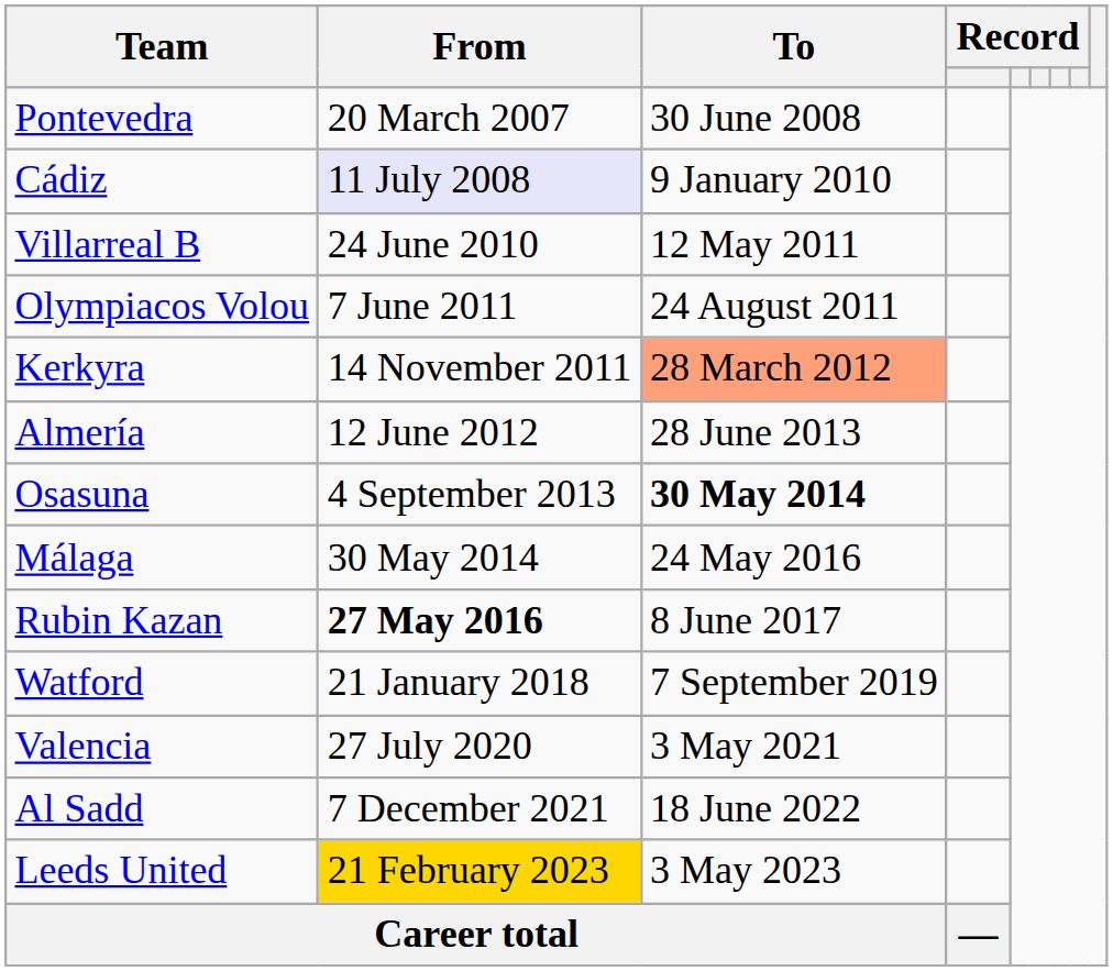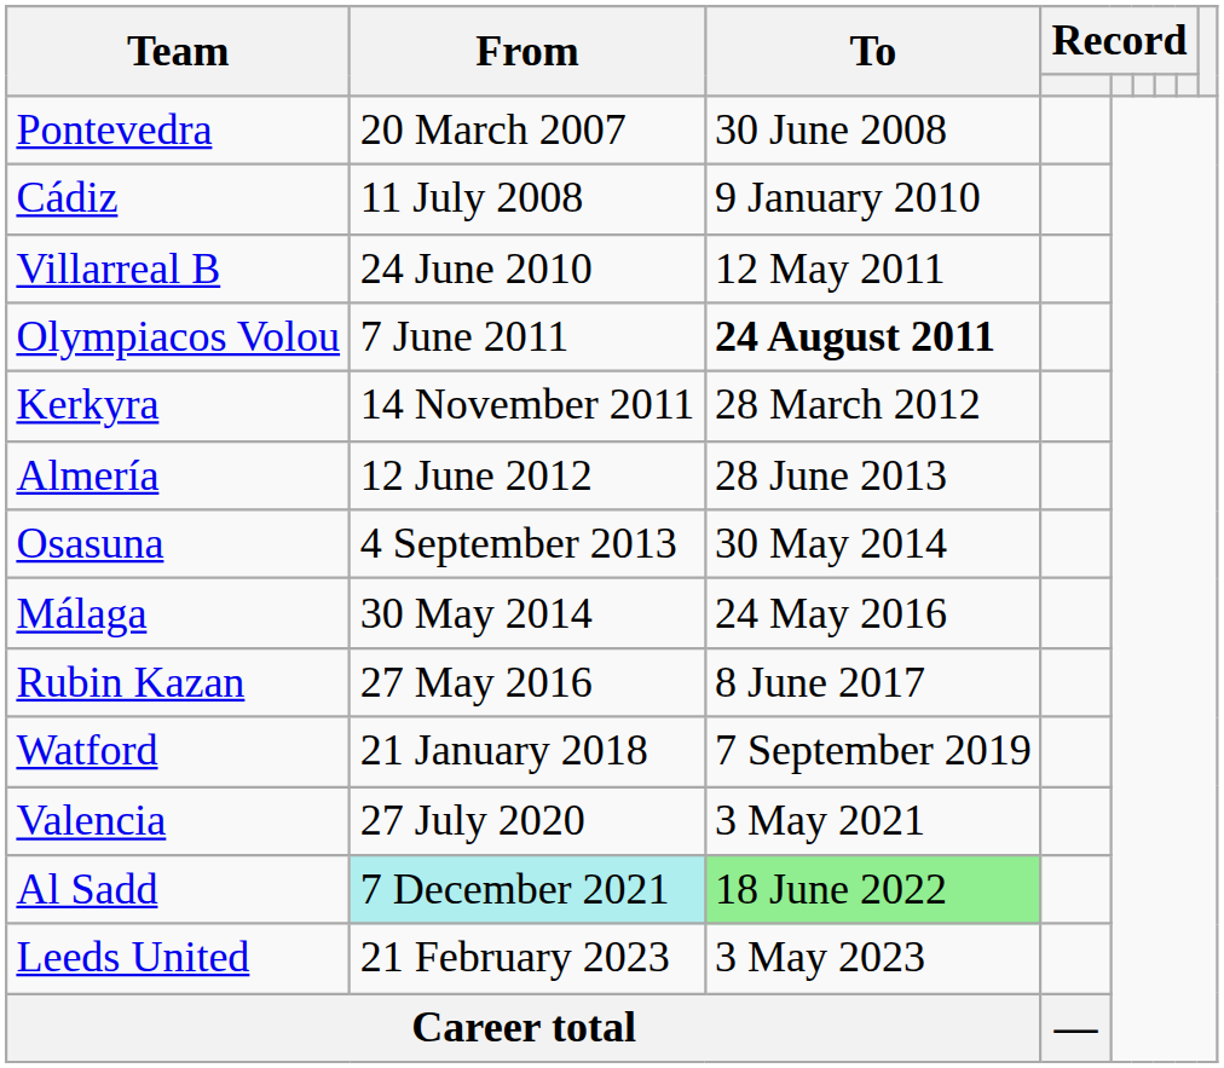 <table class=wikitable style="text-align: center">
 <tr>
 <th rowspan=2>Team</th>
 <th rowspan=2>From</th>
 <th rowspan=2>To</th>
 <th colspan=5>Record</th>
 <th rowspan=2></th>
 </tr>
 <tr>
 <th></th>
 <th></th>
 <th></th>
 <th></th>
 <th></th>
 </tr>
 <tr>
 <td align=left><a href='#'>Pontevedra</a></td>
 <td align=left>20 March 2007</td>
 <td align=left>30 June 2008<br></td>
 <td></td>
 </tr>
 <tr>
 <td align=left><a href='#'>Cádiz</a></td>
-<td align=left style="background: lavender;">11 July 2008</td>
+<td align=left>11 July 2008</td>
 <td align=left>9 January 2010<br></td>
 <td></td>
 </tr>
 <tr>
 <td align=left><a href='#'>Villarreal B</a></td>
 <td align=left>24 June 2010</td>
 <td align=left>12 May 2011<br></td>
 <td></td>
 </tr>
 <tr>
 <td align=left><a href='#'>Olympiacos Volou</a></td>
 <td align=left>7 June 2011</td>
-<td align=left>24 August 2011<br></td>
+<td align=left><strong>24 August 2011<br></strong></td>
 <td></td>
 </tr>
 <tr>
 <td align=left><a href='#'>Kerkyra</a></td>
 <td align=left>14 November 2011</td>
-<td align=left style="background: lightsalmon;">28 March 2012<br></td>
+<td align=left>28 March 2012<br></td>
 <td></td>
 </tr>
 <tr>
 <td align=left><a href='#'>Almería</a></td>
 <td align=left>12 June 2012</td>
 <td align=left>28 June 2013<br></td>
 <td></td>
 </tr>
 <tr>
 <td align=left><a href='#'>Osasuna</a></td>
 <td align=left>4 September 2013</td>
-<td align=left><strong>30 May 2014<br></strong></td>
+<td align=left>30 May 2014<br></td>
 <td></td>
 </tr>
 <tr>
 <td align=left><a href='#'>Málaga</a></td>
 <td align=left>30 May 2014</td>
 <td align=left>24 May 2016<br></td>
 <td></td>
 </tr>
 <tr>
 <td align=left><a href='#'>Rubin Kazan</a></td>
-<td align=left><strong>27 May 2016</strong></td>
+<td align=left>27 May 2016</td>
 <td align=left>8 June 2017<br></td>
 <td></td>
 </tr>
 <tr>
 <td align=left><a href='#'>Watford</a></td>
 <td align=left>21 January 2018</td>
 <td align=left>7 September 2019<br></td>
 <td></td>
 </tr>
 <tr>
 <td align=left><a href='#'>Valencia</a></td>
 <td align=left>27 July 2020</td>
 <td align=left>3 May 2021<br></td>
 <td></td>
 </tr>
 <tr>
 <td align=left><a href='#'>Al Sadd</a></td>
-<td align=left>7 December 2021</td>
-<td align=left>18 June 2022<br></td>
+<td align=left style="background: paleturquoise;">7 December 2021</td>
+<td align=left style="background: lightgreen;">18 June 2022<br></td>
 <td></td>
 </tr>
 <tr>
 <td align=left><a href='#'>Leeds United</a></td>
-<td align=left style="background: gold;">21 February 2023</td>
+<td align=left>21 February 2023</td>
 <td align=left>3 May 2023<br></td>
 <td></td>
 </tr>
 <tr>
 <th colspan=3>Career total<br></th>
 <th>—</th>
 </tr>
 </table>
